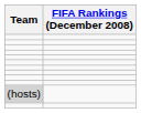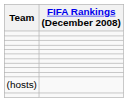 <table class="wikitable sortable" style="text-align: left;">
 <tr>
 <th>Team</th>
 <th><a href='#'>FIFA Rankings</a><br>(December 2008)</th>
 </tr>
 <tr>
 <td></td>
 <td></td>
 </tr>
 <tr>
 <td></td>
 <td></td>
 </tr>
 <tr>
 <td></td>
 <td></td>
 </tr>
 <tr>
 <td></td>
 <td></td>
 </tr>
 <tr>
 <td></td>
 <td></td>
 </tr>
 <tr>
 <td></td>
 <td></td>
 </tr>
 <tr>
 <td></td>
 <td></td>
 </tr>
 <tr>
 <td></td>
 <td></td>
 </tr>
 <tr>
 <td></td>
 <td></td>
 </tr>
 <tr>
 <td></td>
 <td></td>
 </tr>
 <tr>
-<td style="background: lightgrey;"> (hosts)</td>
+<td> (hosts)</td>
 <td></td>
 </tr>
 <tr>
 <td></td>
 <td></td>
 </tr>
 </table>
